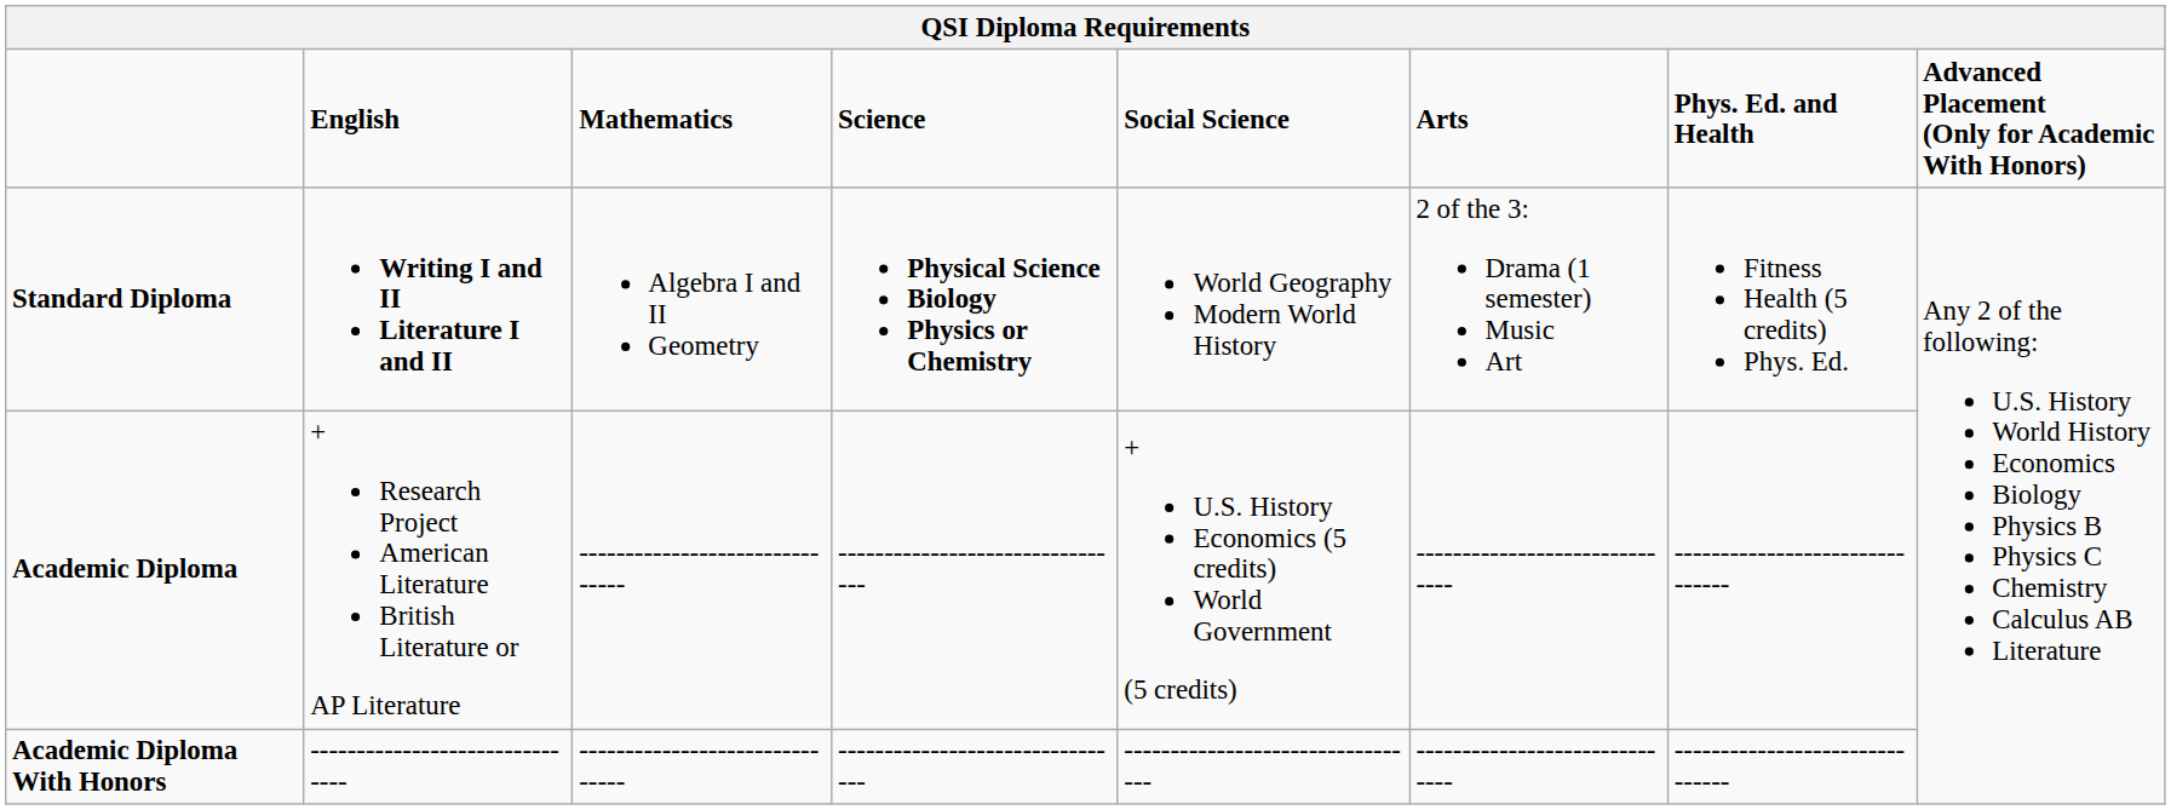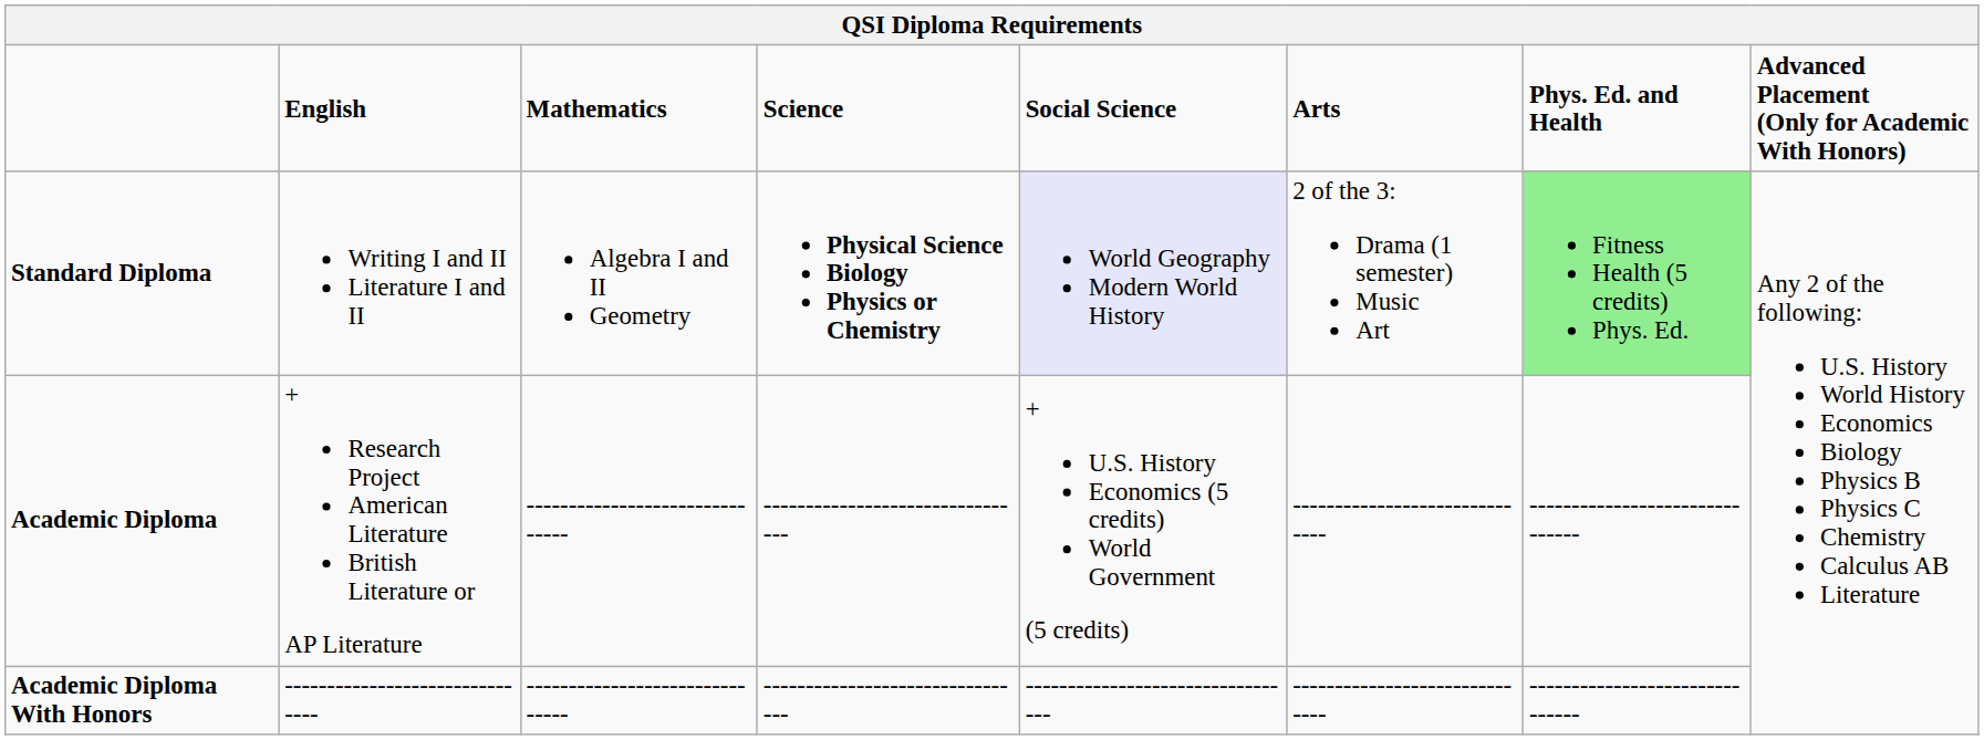 <table class="wikitable">
 <tr>
 <th colspan="8">QSI Diploma Requirements</th>
 </tr>
 <tr>
 <td></td>
 <td><strong>English</strong></td>
 <td><strong>Mathematics</strong></td>
 <td><strong>Science</strong></td>
 <td><strong>Social Science</strong></td>
 <td><strong>Arts</strong></td>
 <td><strong>Phys. Ed. and Health</strong></td>
 <td><strong>Advanced Placement</strong><br><strong>(Only for Academic</strong><br><strong>With Honors)</strong></td>
 </tr>
 <tr>
 <td><strong>Standard Diploma</strong></td>
-<td><strong><br><ul><li>Writing I and II</li><li>Literature I and II</li></ul></strong></td>
+<td><br><ul><li>Writing I and II</li><li>Literature I and II</li></ul></td>
 <td><br><ul><li>Algebra I and II</li><li>Geometry</li></ul></td>
 <td><strong><br><ul><li>Physical Science</li><li>Biology</li><li>Physics or Chemistry</li></ul></strong></td>
-<td><br><ul><li>World Geography</li><li>Modern World History</li></ul></td>
+<td style="background: lavender;"><br><ul><li>World Geography</li><li>Modern World History</li></ul></td>
 <td>2 of the 3:<br><ul><li>Drama (1 semester)</li><li>Music</li><li>Art</li></ul></td>
-<td><br><ul><li>Fitness</li><li>Health (5 credits)</li><li>Phys. Ed.</li></ul></td>
+<td style="background: lightgreen;"><br><ul><li>Fitness</li><li>Health (5 credits)</li><li>Phys. Ed.</li></ul></td>
 <td rowspan="3">Any 2 of the following:<br><ul><li>U.S. History</li><li>World History</li><li>Economics</li><li>Biology</li><li>Physics B</li><li>Physics C</li><li>Chemistry</li><li>Calculus AB</li><li>Literature</li></ul></td>
 </tr>
 <tr>
 <td><strong>Academic Diploma</strong></td>
 <td>+<br><ul><li>Research Project</li><li>American Literature</li><li>British Literature or</li></ul>AP Literature</td>
 <td>-------------------------------</td>
 <td>--------------------------------</td>
 <td>+<br><ul><li>U.S. History</li><li>Economics (5 credits)</li><li>World Government</li></ul>(5 credits)</td>
 <td>------------------------------</td>
 <td>-------------------------------</td>
 </tr>
 <tr>
 <td><strong>Academic Diploma</strong> <strong>With Honors</strong></td>
 <td>-------------------------------</td>
 <td>-------------------------------</td>
 <td>--------------------------------</td>
 <td>---------------------------------</td>
 <td>------------------------------</td>
 <td>-------------------------------</td>
 </tr>
 </table>
